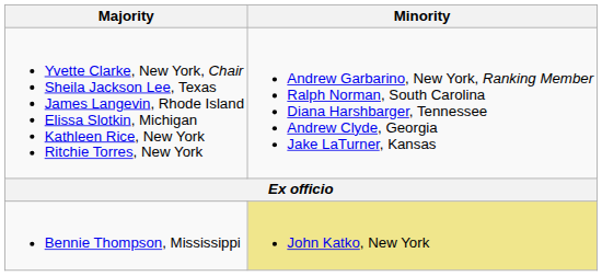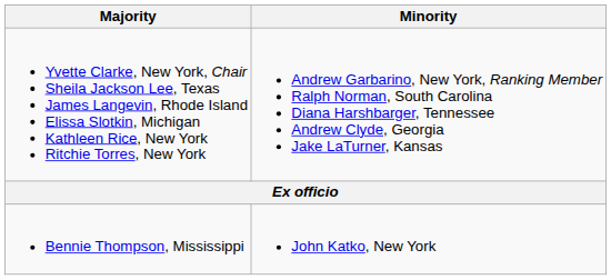 <table class=wikitable>
 <tr>
 <th>Majority</th>
 <th>Minority</th>
 </tr>
 <tr>
 <td><br><ul><li><a href='#'>Yvette Clarke</a>, New York, <em>Chair</em></li><li><a href='#'>Sheila Jackson Lee</a>, Texas</li><li><a href='#'>James Langevin</a>, Rhode Island</li><li><a href='#'>Elissa Slotkin</a>, Michigan</li><li><a href='#'>Kathleen Rice</a>, New York</li><li><a href='#'>Ritchie Torres</a>, New York</li></ul></td>
 <td><br><ul><li><a href='#'>Andrew Garbarino</a>, New York, <em>Ranking Member</em></li><li><a href='#'>Ralph Norman</a>, South Carolina</li><li><a href='#'>Diana Harshbarger</a>, Tennessee</li><li><a href='#'>Andrew Clyde</a>, Georgia</li><li><a href='#'>Jake LaTurner</a>, Kansas</li></ul></td>
 </tr>
 <tr>
 <th colspan=2><em>Ex officio</em></th>
 </tr>
 <tr>
 <td><br><ul><li><a href='#'>Bennie Thompson</a>, Mississippi</li></ul></td>
-<td style="background: khaki;"><br><ul><li><a href='#'>John Katko</a>, New York</li></ul></td>
+<td><br><ul><li><a href='#'>John Katko</a>, New York</li></ul></td>
 </tr>
 </table>
